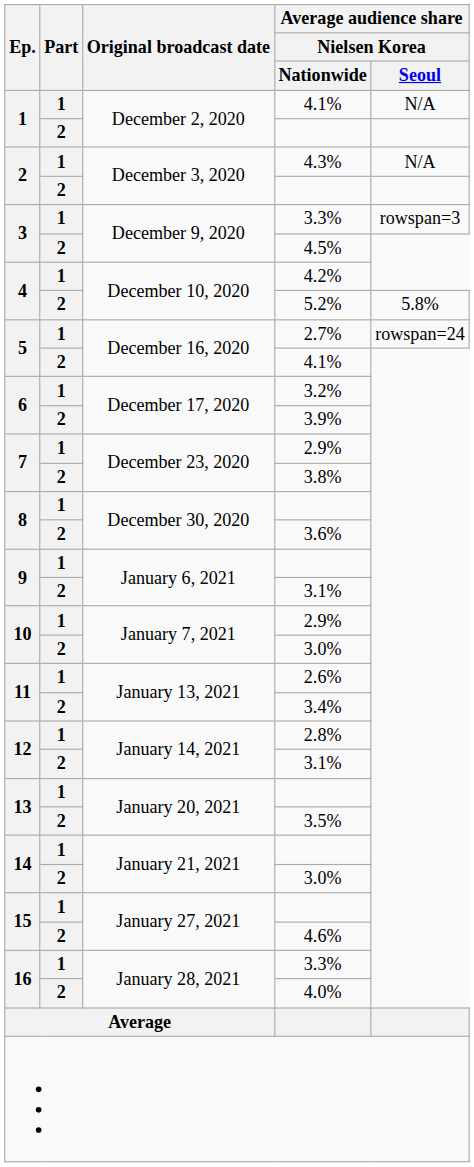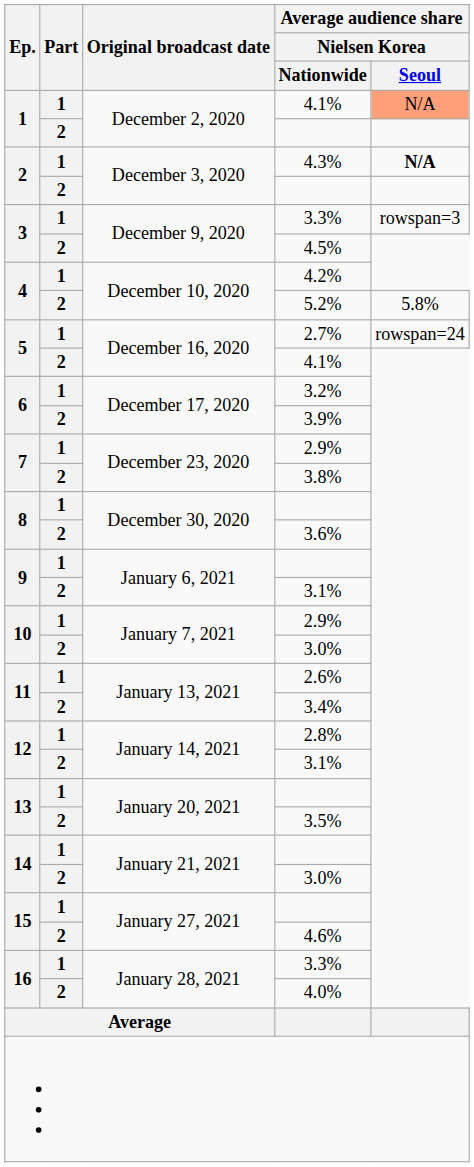 <table class="wikitable" style="text-align:center;max-width:600px; margin-left: auto; margin-right: auto; border: none;">
 <tr>
 </tr>
 <tr>
 <th rowspan="3">Ep.</th>
 <th rowspan="3">Part</th>
 <th rowspan="3">Original broadcast date</th>
 <th colspan="2">Average audience share</th>
 </tr>
 <tr>
 <th colspan="2">Nielsen Korea</th>
 </tr>
 <tr>
 <th>Nationwide</th>
 <th><a href='#'>Seoul</a></th>
 </tr>
 <tr>
 <th rowspan="2">1</th>
 <th>1</th>
 <td rowspan="2">December 2, 2020</td>
 <td>4.1%</td>
-<td>N/A</td>
+<td style="background: lightsalmon;">N/A</td>
 </tr>
 <tr>
 <th>2</th>
 <td> </td>
 <td> </td>
 </tr>
 <tr>
 <th rowspan="2">2</th>
 <th>1</th>
 <td rowspan="2">December 3, 2020</td>
 <td>4.3%</td>
-<td>N/A</td>
+<td><strong>N/A</strong></td>
 </tr>
 <tr>
 <th>2</th>
 <td> </td>
 <td> </td>
 </tr>
 <tr>
 <th rowspan="2">3</th>
 <th>1</th>
 <td rowspan="2">December 9, 2020</td>
 <td>3.3%</td>
 <td>rowspan=3 </td>
 </tr>
 <tr>
 <th>2</th>
 <td>4.5% </td>
 </tr>
 <tr>
 <th rowspan="2">4</th>
 <th>1</th>
 <td rowspan="2">December 10, 2020</td>
 <td>4.2%</td>
 </tr>
 <tr>
 <th>2</th>
 <td>5.2% </td>
 <td>5.8% </td>
 </tr>
 <tr>
 <th rowspan="2">5</th>
 <th>1</th>
 <td rowspan="2">December 16, 2020</td>
 <td>2.7%</td>
 <td>rowspan=24 </td>
 </tr>
 <tr>
 <th>2</th>
 <td>4.1% </td>
 </tr>
 <tr>
 <th rowspan="2">6</th>
 <th>1</th>
 <td rowspan="2">December 17, 2020</td>
 <td>3.2%</td>
 </tr>
 <tr>
 <th>2</th>
 <td>3.9% </td>
 </tr>
 <tr>
 <th rowspan="2">7</th>
 <th>1</th>
 <td rowspan="2">December 23, 2020</td>
 <td>2.9%</td>
 </tr>
 <tr>
 <th>2</th>
 <td>3.8% </td>
 </tr>
 <tr>
 <th rowspan="2">8</th>
 <th>1</th>
 <td rowspan="2">December 30, 2020</td>
 <td></td>
 </tr>
 <tr>
 <th>2</th>
 <td>3.6% </td>
 </tr>
 <tr>
 <th rowspan="2">9</th>
 <th>1</th>
 <td rowspan="2">January 6, 2021</td>
 <td></td>
 </tr>
 <tr>
 <th>2</th>
 <td>3.1% </td>
 </tr>
 <tr>
 <th rowspan="2">10</th>
 <th>1</th>
 <td rowspan="2">January 7, 2021</td>
 <td>2.9%</td>
 </tr>
 <tr>
 <th>2</th>
 <td>3.0% </td>
 </tr>
 <tr>
 <th rowspan="2">11</th>
 <th>1</th>
 <td rowspan="2">January 13, 2021</td>
 <td>2.6%</td>
 </tr>
 <tr>
 <th>2</th>
 <td>3.4% </td>
 </tr>
 <tr>
 <th rowspan="2">12</th>
 <th>1</th>
 <td rowspan="2">January 14, 2021</td>
 <td>2.8%</td>
 </tr>
 <tr>
 <th>2</th>
 <td>3.1% </td>
 </tr>
 <tr>
 <th rowspan="2">13</th>
 <th>1</th>
 <td rowspan="2">January 20, 2021</td>
 <td></td>
 </tr>
 <tr>
 <th>2</th>
 <td>3.5% </td>
 </tr>
 <tr>
 <th rowspan="2">14</th>
 <th>1</th>
 <td rowspan="2">January 21, 2021</td>
 <td></td>
 </tr>
 <tr>
 <th>2</th>
 <td>3.0% </td>
 </tr>
 <tr>
 <th rowspan="2">15</th>
 <th>1</th>
 <td rowspan="2">January 27, 2021</td>
 <td></td>
 </tr>
 <tr>
 <th>2</th>
 <td>4.6% </td>
 </tr>
 <tr>
 <th rowspan="2">16</th>
 <th>1</th>
 <td rowspan="2">January 28, 2021</td>
 <td>3.3%</td>
 </tr>
 <tr>
 <th>2</th>
 <td>4.0% </td>
 </tr>
 <tr>
 <th colspan="3">Average</th>
 <th></th>
 <th></th>
 </tr>
 <tr>
 <td colspan="5"><br><ul><li></li><li></li><li></li></ul></td>
 </tr>
 </table>
